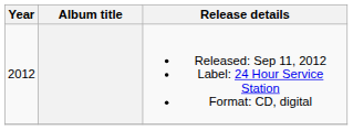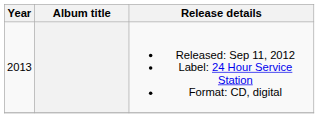 <table class="wikitable plainrowheaders" style="text-align:center;">
 <tr>
 <th>Year</th>
 <th scope="col" rowspan="1" style="width:8em;">Album title</th>
 <th scope="col" rowspan="1" style="width:16em;">Release details</th>
 </tr>
 <tr>
-<td>2012</td>
+<td>2013</td>
 <th></th>
 <td><br><ul><li>Released: Sep 11, 2012</li><li>Label: <a href='#'>24 Hour Service Station</a></li><li>Format: CD, digital</li></ul></td>
 </tr>
 <tr>
 </tr>
 </table>
